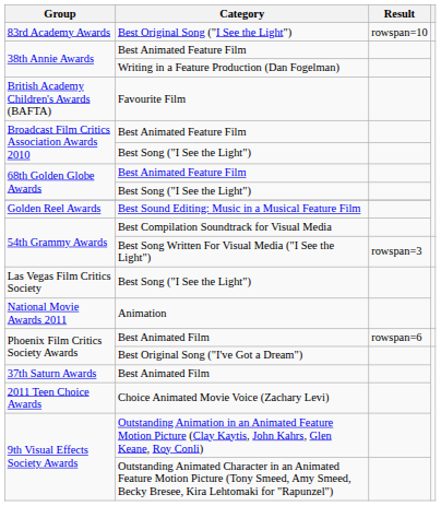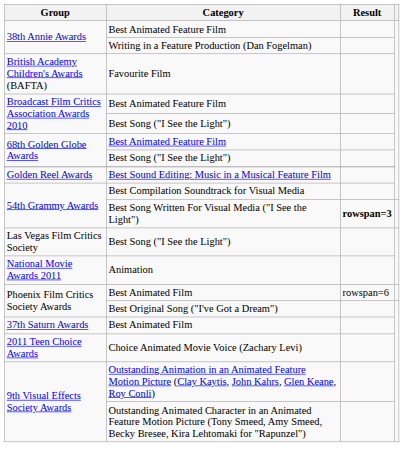 <table class="wikitable sortable">
 <tr>
 <th>Group</th>
 <th>Category</th>
 <th>Result</th>
 <th></th>
-</tr>
-<tr>
-<td><a href='#'>83rd Academy Awards</a></td>
-<td><a href='#'>Best Original Song</a> ("<a href='#'>I See the Light</a>")</td>
-<td>rowspan=10 </td>
-<td></td>
 </tr>
 <tr>
 <td rowspan="2"><a href='#'>38th Annie Awards</a></td>
 <td>Best Animated Feature Film</td>
 <td></td>
 </tr>
 <tr>
 <td>Writing in a Feature Production (Dan Fogelman)</td>
 <td></td>
 </tr>
 <tr>
 <td><a href='#'>British Academy Children's Awards</a> (BAFTA)</td>
 <td>Favourite Film</td>
 <td></td>
 </tr>
 <tr>
 <td rowspan="2"><a href='#'>Broadcast Film Critics Association Awards 2010</a></td>
 <td>Best Animated Feature Film</td>
 <td></td>
 </tr>
 <tr>
 <td>Best Song ("I See the Light")</td>
 <td></td>
 </tr>
 <tr>
 <td rowspan="2"><a href='#'>68th Golden Globe Awards</a></td>
 <td><a href='#'>Best Animated Feature Film</a></td>
 <td></td>
 </tr>
 <tr>
 <td>Best Song ("I See the Light")</td>
 <td></td>
 </tr>
 <tr>
 </tr>
 <tr>
 <td><a href='#'>Golden Reel Awards</a></td>
 <td><a href='#'>Best Sound Editing: Music in a Musical Feature Film</a></td>
 <td></td>
 </tr>
 <tr>
 <td rowspan="2"><a href='#'>54th Grammy Awards</a></td>
 <td>Best Compilation Soundtrack for Visual Media</td>
 <td></td>
 </tr>
 <tr>
 <td>Best Song Written For Visual Media ("I See the Light")</td>
-<td>rowspan=3 </td>
+<td><strong>rowspan=3 </strong></td>
 <td></td>
 </tr>
 <tr>
 <td>Las Vegas Film Critics Society</td>
 <td>Best Song ("I See the Light")</td>
 <td></td>
 </tr>
 <tr>
 <td><a href='#'>National Movie Awards 2011</a></td>
 <td>Animation</td>
 <td></td>
 </tr>
 <tr>
 <td rowspan="2">Phoenix Film Critics Society Awards</td>
 <td>Best Animated Film</td>
 <td>rowspan=6 </td>
 <td></td>
 </tr>
 <tr>
 <td>Best Original Song ("I've Got a Dream")</td>
 <td></td>
 </tr>
 <tr>
 <td><a href='#'>37th Saturn Awards</a></td>
 <td>Best Animated Film</td>
 <td></td>
 </tr>
 <tr>
 <td><a href='#'>2011 Teen Choice Awards</a></td>
 <td>Choice Animated Movie Voice (Zachary Levi)</td>
 <td></td>
 </tr>
 <tr>
 <td rowspan="2"><a href='#'>9th Visual Effects Society Awards</a></td>
 <td><a href='#'>Outstanding Animation in an Animated Feature Motion Picture</a> (<a href='#'>Clay Kaytis</a>, <a href='#'>John Kahrs</a>, <a href='#'>Glen Keane</a>, <a href='#'>Roy Conli</a>)</td>
 <td></td>
 </tr>
 <tr>
 <td>Outstanding Animated Character in an Animated Feature Motion Picture (Tony Smeed, Amy Smeed, Becky Bresee, Kira Lehtomaki for "Rapunzel")</td>
 <td></td>
 </tr>
 </table>
